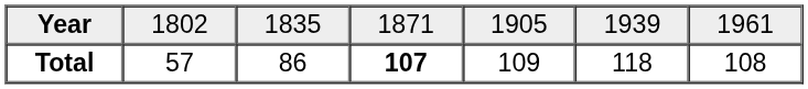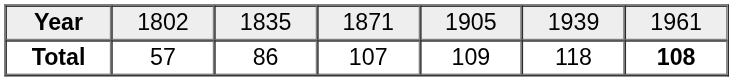 <table border="1" cellpadding="2" cellspacing="0" width="500">
 <tr bgcolor="#eeeeee" align="center">
 <td><strong>Year</strong></td>
 <td>1802</td>
 <td>1835</td>
 <td>1871</td>
 <td>1905</td>
 <td>1939</td>
 <td>1961</td>
 </tr>
 <tr align="center">
 <td><strong>Total</strong></td>
 <td>57</td>
 <td>86</td>
-<td><strong>107</strong></td>
+<td>107</td>
 <td>109</td>
 <td>118</td>
-<td>108</td>
+<td><strong>108</strong></td>
 </tr>
 </table>
